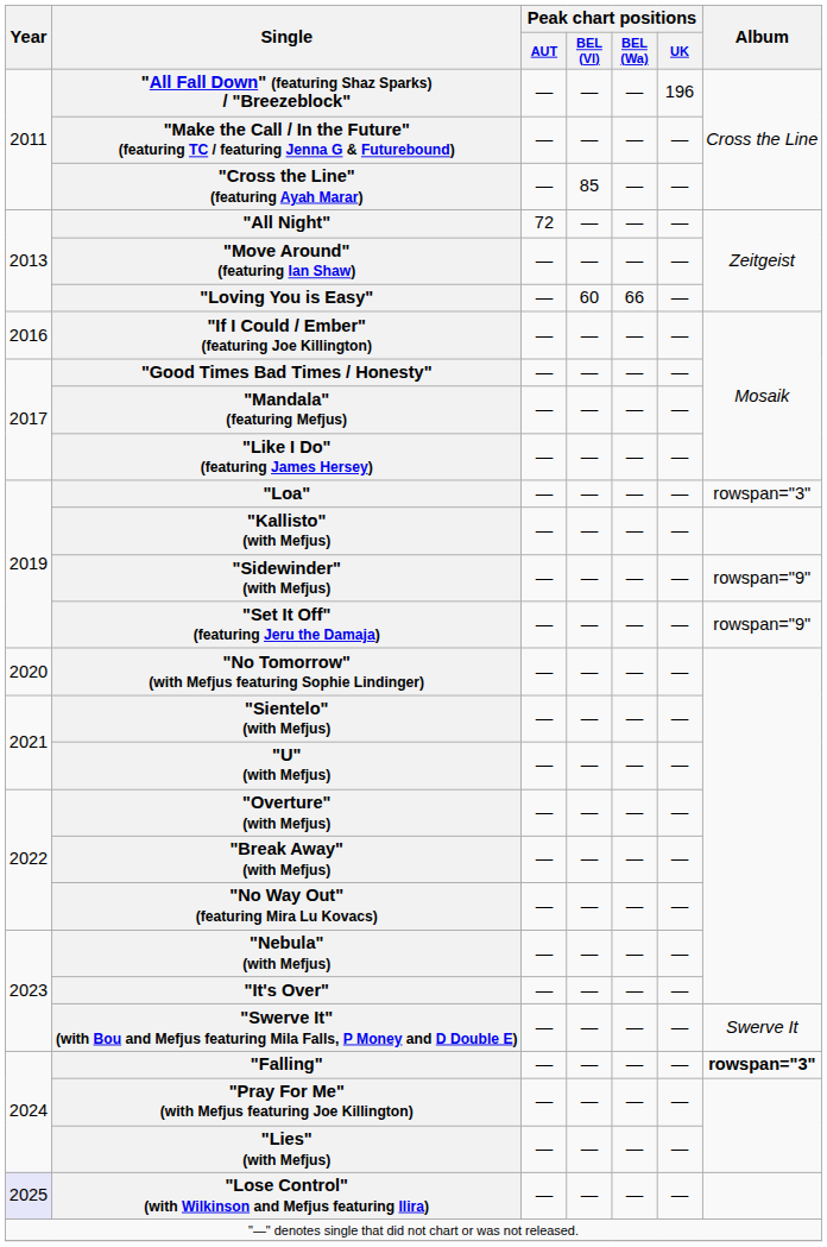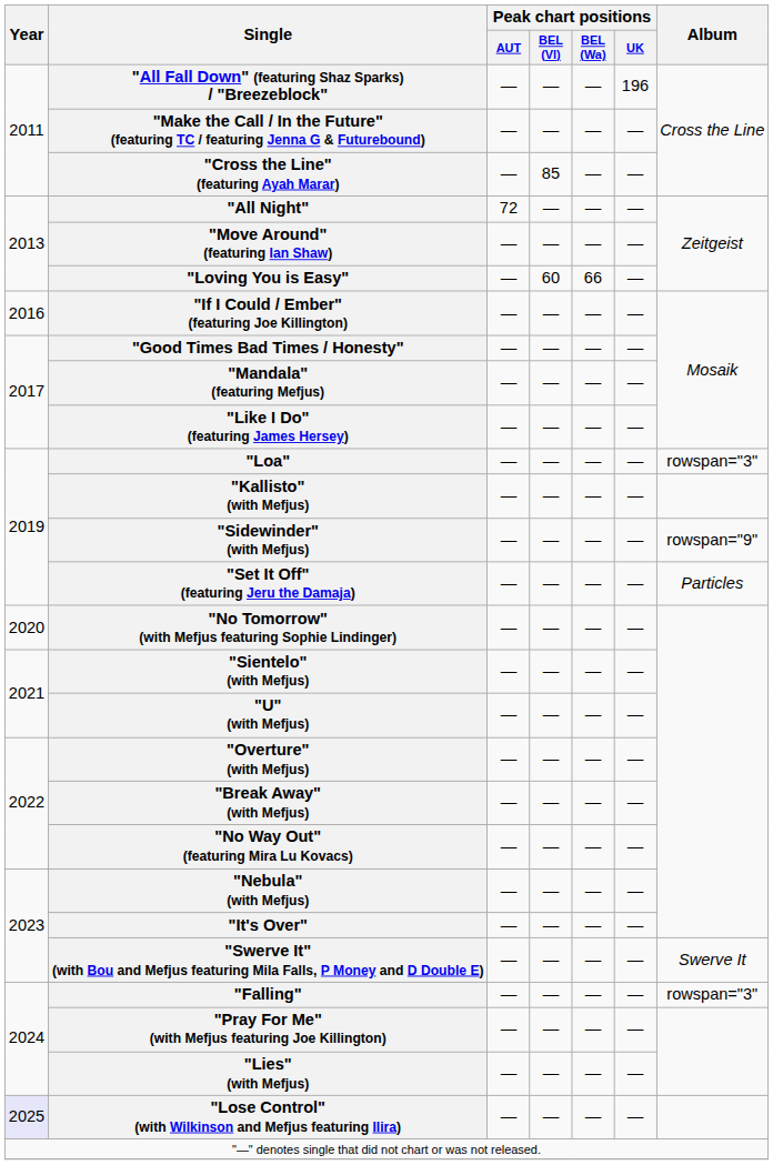 <table class="wikitable plainrowheaders" style="text-align:center;">
 <tr>
 <th scope="col" rowspan="2">Year</th>
 <th scope="col" rowspan="2">Single</th>
 <th scope="col" colspan="4">Peak chart positions</th>
 <th scope="col" rowspan="2">Album</th>
 </tr>
 <tr>
 <th scope="col" style="width:3em;font-size:75%;"><a href='#'>AUT</a><br></th>
 <th scope="col" style="width:3em;font-size:75%;"><a href='#'>BEL (Vl)</a><br></th>
 <th scope="col" style="width:3em;font-size:75%;"><a href='#'>BEL (Wa)</a><br></th>
 <th scope="col" style="width:3em;font-size:75%;"><a href='#'>UK</a><br></th>
 </tr>
 <tr>
 <td rowspan="3">2011</td>
 <th scope="row">"<a href='#'>All Fall Down</a>" <small>(featuring Shaz Sparks)</small><br>/ "Breezeblock"</th>
 <td>—</td>
 <td>—</td>
 <td>—</td>
 <td>196</td>
 <td rowspan="3"><em>Cross the Line</em></td>
 </tr>
 <tr>
 <th scope="row">"Make the Call / In the Future"<br><small>(featuring <a href='#'>TC</a> / featuring <a href='#'>Jenna G</a> & <a href='#'>Futurebound</a>)</small></th>
 <td>—</td>
 <td>—</td>
 <td>—</td>
 <td>—</td>
 </tr>
 <tr>
 <th scope="row">"Cross the Line"<br><small>(featuring <a href='#'>Ayah Marar</a>)</small></th>
 <td>—</td>
 <td>85</td>
 <td>—</td>
 <td>—</td>
 </tr>
 <tr>
 <td rowspan="3">2013</td>
 <th scope="row">"All Night"</th>
 <td>72</td>
 <td>—</td>
 <td>—</td>
 <td>—</td>
 <td rowspan="3"><em>Zeitgeist</em></td>
 </tr>
 <tr>
 <th scope="row">"Move Around"<br><small>(featuring <a href='#'>Ian Shaw</a>)</small></th>
 <td>—</td>
 <td>—</td>
 <td>—</td>
 <td>—</td>
 </tr>
 <tr>
 <th scope="row">"Loving You is Easy"</th>
 <td>—</td>
 <td>60</td>
 <td>66</td>
 <td>—</td>
 </tr>
 <tr>
 <td>2016</td>
 <th scope="row">"If I Could / Ember"<br><small>(featuring Joe Killington)</small></th>
 <td>—</td>
 <td>—</td>
 <td>—</td>
 <td>—</td>
 <td rowspan="4"><em>Mosaik</em></td>
 </tr>
 <tr>
 <td rowspan="3">2017</td>
 <th scope="row">"Good Times Bad Times / Honesty"</th>
 <td>—</td>
 <td>—</td>
 <td>—</td>
 <td>—</td>
 </tr>
 <tr>
 <th scope="row">"Mandala"<br><small>(featuring Mefjus)</small></th>
 <td>—</td>
 <td>—</td>
 <td>—</td>
 <td>—</td>
 </tr>
 <tr>
 <th scope="row">"Like I Do"<br><small>(featuring <a href='#'>James Hersey</a>)</small></th>
 <td>—</td>
 <td>—</td>
 <td>—</td>
 <td>—</td>
 </tr>
 <tr>
 <td rowspan="4">2019</td>
 <th scope="row">"Loa"</th>
 <td>—</td>
 <td>—</td>
 <td>—</td>
 <td>—</td>
 <td>rowspan="3" </td>
 </tr>
 <tr>
 <th scope="row">"Kallisto"<br><small>(with Mefjus)</small></th>
 <td>—</td>
 <td>—</td>
 <td>—</td>
 <td>—</td>
 </tr>
 <tr>
 <th scope="row">"Sidewinder"<br><small>(with Mefjus)</small></th>
 <td>—</td>
 <td>—</td>
 <td>—</td>
 <td>—</td>
 <td>rowspan="9" </td>
 </tr>
 <tr>
 <th scope="row">"Set It Off"<br><small>(featuring <a href='#'>Jeru the Damaja</a>)</small></th>
 <td>—</td>
 <td>—</td>
 <td>—</td>
 <td>—</td>
-<td>rowspan="9" </td>
+<td><em>Particles</em></td>
 </tr>
 <tr>
 <td>2020</td>
 <th scope="row">"No Tomorrow"<br><small>(with Mefjus featuring Sophie Lindinger)</small></th>
 <td>—</td>
 <td>—</td>
 <td>—</td>
 <td>—</td>
 </tr>
 <tr>
 <td rowspan="2">2021</td>
 <th scope="row">"Sientelo"<br><small>(with Mefjus)</small></th>
 <td>—</td>
 <td>—</td>
 <td>—</td>
 <td>—</td>
 </tr>
 <tr>
 <th scope="row">"U" <br><small>(with Mefjus)</small></th>
 <td>—</td>
 <td>—</td>
 <td>—</td>
 <td>—</td>
 </tr>
 <tr>
 <td rowspan="3">2022</td>
 <th scope="row">"Overture" <br><small>(with Mefjus)</small></th>
 <td>—</td>
 <td>—</td>
 <td>—</td>
 <td>—</td>
 </tr>
 <tr>
 <th scope="row">"Break Away" <br><small>(with Mefjus)</small></th>
 <td>—</td>
 <td>—</td>
 <td>—</td>
 <td>—</td>
 </tr>
 <tr>
 <th scope="row">"No Way Out" <br><small>(featuring Mira Lu Kovacs)</small></th>
 <td>—</td>
 <td>—</td>
 <td>—</td>
 <td>—</td>
 </tr>
 <tr>
 <td rowspan="3">2023</td>
 <th scope="row">"Nebula"<br><small>(with Mefjus)</small></th>
 <td>—</td>
 <td>—</td>
 <td>—</td>
 <td>—</td>
 </tr>
 <tr>
 <th scope="row">"It's Over"</th>
 <td>—</td>
 <td>—</td>
 <td>—</td>
 <td>—</td>
 </tr>
 <tr>
 <th scope="row">"Swerve It"<br><small>(with <a href='#'>Bou</a> and Mefjus featuring Mila Falls, <a href='#'>P Money</a> and <a href='#'>D Double E</a>)</small></th>
 <td>—</td>
 <td>—</td>
 <td>—</td>
 <td>—</td>
 <td><em>Swerve It</em></td>
 </tr>
 <tr>
 <td rowspan="3">2024</td>
 <th scope="row">"Falling"</th>
 <td>—</td>
 <td>—</td>
 <td>—</td>
 <td>—</td>
-<td><strong>rowspan="3" </strong></td>
+<td>rowspan="3" </td>
 </tr>
 <tr>
 <th scope="row">"Pray For Me"<br><small>(with Mefjus featuring Joe Killington)</small></th>
 <td>—</td>
 <td>—</td>
 <td>—</td>
 <td>—</td>
 </tr>
 <tr>
 <th scope="row">"Lies"<br><small>(with Mefjus)</small></th>
 <td>—</td>
 <td>—</td>
 <td>—</td>
 <td>—</td>
 </tr>
 <tr>
 <td style="background: lavender;">2025</td>
 <th scope="row">"Lose Control"<br><small>(with <a href='#'>Wilkinson</a> and Mefjus featuring <a href='#'>Ilira</a>)</small></th>
 <td>—</td>
 <td>—</td>
 <td>—</td>
 <td>—</td>
 <td></td>
 </tr>
 <tr>
 <td colspan="10" style="font-size:75%">"—" denotes single that did not chart or was not released.</td>
 </tr>
 <tr>
 </tr>
 </table>
